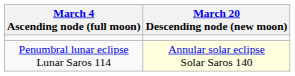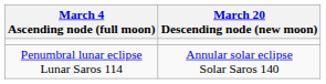 <table class="wikitable">
 <tr>
 <th><a href='#'>March 4</a><br>Ascending node (full moon)<br></th>
 <th><a href='#'>March 20</a><br>Descending node (new moon)<br></th>
 </tr>
 <tr>
 <td></td>
 <td></td>
 </tr>
 <tr align=center>
 <td><a href='#'>Penumbral lunar eclipse</a><br>Lunar Saros 114</td>
-<td style="background: lightyellow;"><a href='#'>Annular solar eclipse</a><br>Solar Saros 140</td>
+<td><a href='#'>Annular solar eclipse</a><br>Solar Saros 140</td>
 </tr>
 </table>
